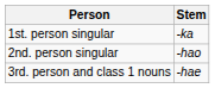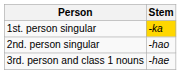 <table class = "wikitable">
 <tr>
 <th>Person</th>
 <th>Stem</th>
 </tr>
 <tr>
 <td>1st. person singular</td>
-<td> <em>-ka</em></td>
+<td style="background: gold;"> <em>-ka</em></td>
 </tr>
 <tr>
 <td>2nd. person singular</td>
 <td> <em>-hao</em></td>
 </tr>
 <tr>
 <td>3rd. person and class 1 nouns</td>
 <td> <em>-hae</em></td>
 </tr>
 </table>
